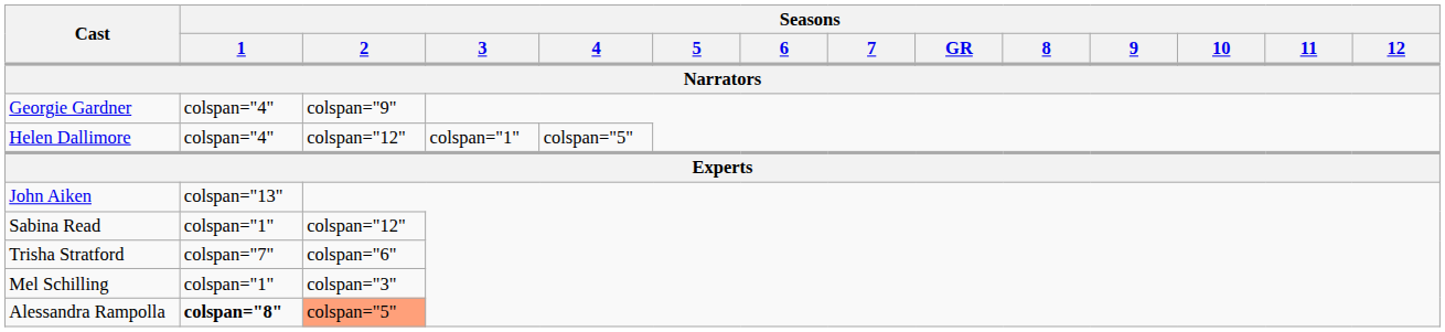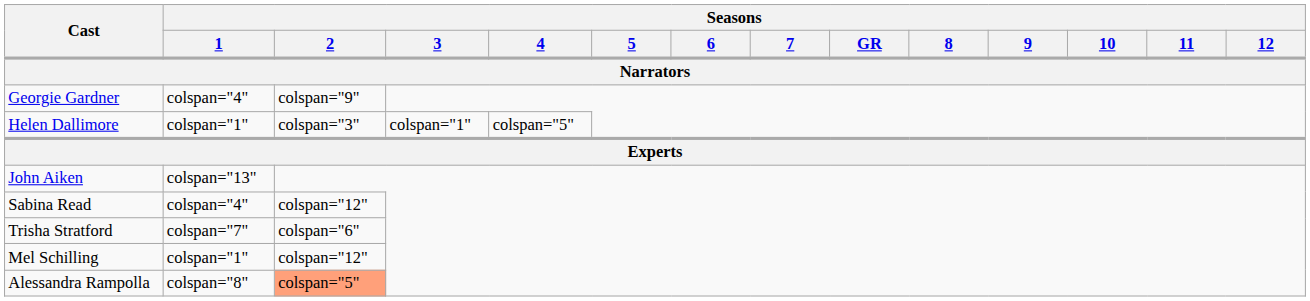 <table class="wikitable plainrowheaders" width="100%">
 <tr>
 <th rowspan="2" style="width:10%;">Cast</th>
 <th colspan="13">Seasons</th>
 </tr>
 <tr>
 <th style="width:5%;"><a href='#'>1</a></th>
 <th style="width:5%;"><a href='#'>2</a></th>
 <th style="width:5%;"><a href='#'>3</a></th>
 <th style="width:5%;"><a href='#'>4</a></th>
 <th style="width:5%;"><a href='#'>5</a></th>
 <th style="width:5%;"><a href='#'>6</a></th>
 <th style="width:5%;"><a href='#'>7</a></th>
 <th style="width:5%;"><a href='#'>GR</a></th>
 <th style="width:5%;"><a href='#'>8</a></th>
 <th style="width:5%;"><a href='#'>9</a></th>
 <th style="width:5%;"><a href='#'>10</a></th>
 <th style="width:5%;"><a href='#'>11</a></th>
 <th style="width:5%;"><a href='#'>12</a></th>
 </tr>
 <tr style="border-top:3px solid #aaa;">
 <th colspan=14>Narrators</th>
 </tr>
 <tr>
 <td><a href='#'>Georgie Gardner</a></td>
 <td>colspan="4" </td>
 <td>colspan="9" </td>
 </tr>
 <tr>
 <td><a href='#'>Helen Dallimore</a></td>
-<td>colspan="4" </td>
-<td>colspan="12" </td>
+<td>colspan="1" </td>
+<td>colspan="3" </td>
 <td>colspan="1" </td>
 <td>colspan="5" </td>
 </tr>
 <tr style="border-top:3px solid #aaa;">
 <th colspan=14>Experts</th>
 </tr>
 <tr>
 <td><a href='#'>John Aiken</a></td>
 <td>colspan="13" </td>
 </tr>
 <tr>
 <td>Sabina Read</td>
-<td>colspan="1" </td>
+<td>colspan="4" </td>
 <td>colspan="12" </td>
 </tr>
 <tr>
 <td>Trisha Stratford</td>
 <td>colspan="7" </td>
 <td>colspan="6" </td>
 </tr>
 <tr>
 <td>Mel Schilling</td>
 <td>colspan="1" </td>
-<td>colspan="3" </td>
+<td>colspan="12" </td>
 </tr>
 <tr>
 <td>Alessandra Rampolla</td>
-<td><strong>colspan="8" </strong></td>
+<td>colspan="8" </td>
 <td style="background: lightsalmon;">colspan="5" </td>
 </tr>
 </table>
